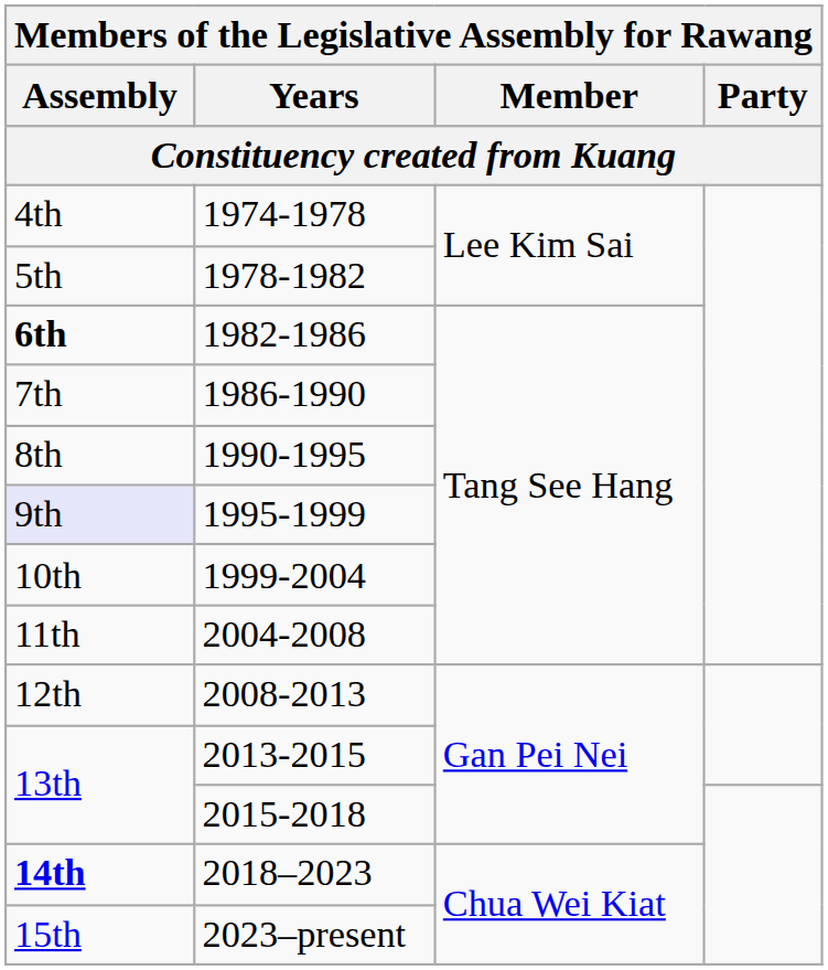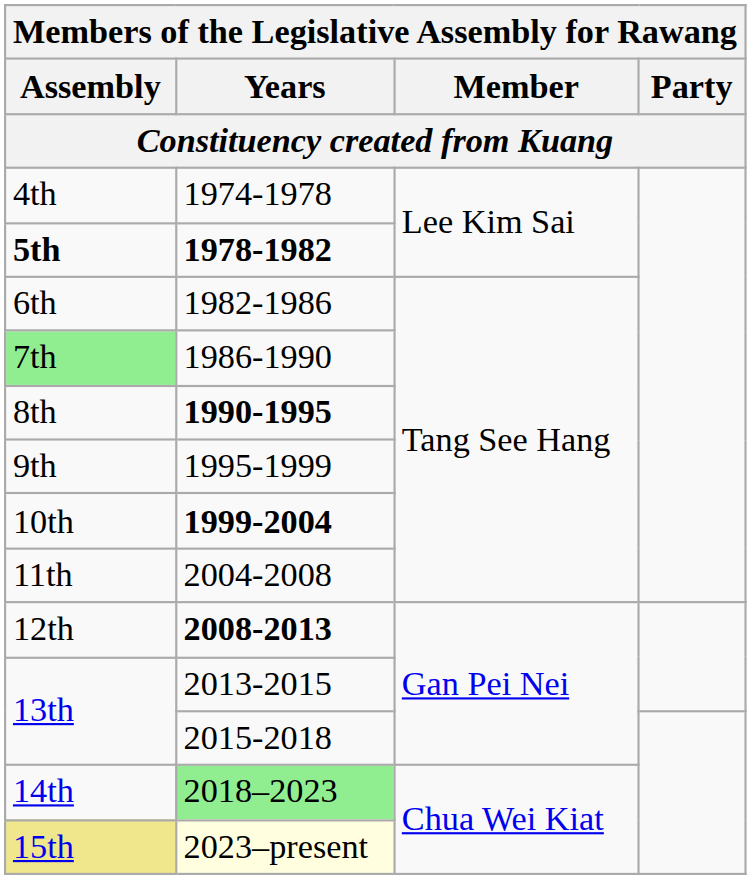 <table class=wikitable>
 <tr>
 <th colspan=4>Members of the Legislative Assembly for Rawang</th>
 </tr>
 <tr>
 <th>Assembly</th>
 <th>Years</th>
 <th>Member</th>
 <th>Party</th>
 </tr>
 <tr>
 <th colspan=4 align=center><em>Constituency created from Kuang</em></th>
 </tr>
 <tr>
 <td>4th</td>
 <td>1974-1978</td>
 <td rowspan=2>Lee Kim Sai</td>
 <td rowspan=8></td>
 </tr>
 <tr>
-<td>5th</td>
-<td>1978-1982</td>
+<td><strong>5th</strong></td>
+<td><strong>1978-1982</strong></td>
 </tr>
 <tr>
-<td><strong>6th</strong></td>
+<td>6th</td>
 <td>1982-1986</td>
 <td rowspan=6>Tang See Hang</td>
 </tr>
 <tr>
-<td>7th</td>
+<td style="background: lightgreen;">7th</td>
 <td>1986-1990</td>
 </tr>
 <tr>
 <td>8th</td>
-<td>1990-1995</td>
+<td><strong>1990-1995</strong></td>
 </tr>
 <tr>
-<td style="background: lavender;">9th</td>
+<td>9th</td>
 <td>1995-1999</td>
 </tr>
 <tr>
 <td>10th</td>
-<td>1999-2004</td>
+<td><strong>1999-2004</strong></td>
 </tr>
 <tr>
 <td>11th</td>
 <td>2004-2008</td>
 </tr>
 <tr>
 <td>12th</td>
-<td>2008-2013</td>
+<td><strong>2008-2013</strong></td>
 <td rowspan=3><a href='#'>Gan Pei Nei</a></td>
 <td rowspan=2></td>
 </tr>
 <tr>
 <td rowspan=2><a href='#'>13th</a></td>
 <td>2013-2015</td>
 </tr>
 <tr>
 <td>2015-2018</td>
 <td rowspan=3></td>
 </tr>
 <tr>
-<td><strong><a href='#'>14th</a></strong></td>
-<td>2018–2023</td>
+<td><a href='#'>14th</a></td>
+<td style="background: lightgreen;">2018–2023</td>
 <td rowspan=2><a href='#'>Chua Wei Kiat</a></td>
 </tr>
 <tr>
-<td><a href='#'>15th</a></td>
-<td>2023–present</td>
+<td style="background: khaki;"><a href='#'>15th</a></td>
+<td style="background: lightyellow;">2023–present</td>
 </tr>
 </table>
